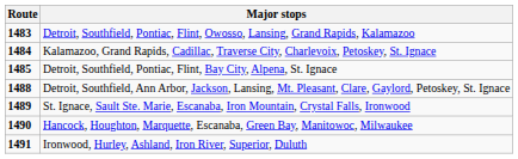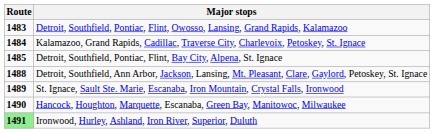 <table class="wikitable">
 <tr>
 <th>Route</th>
 <th>Major stops</th>
 </tr>
 <tr>
 <td><strong>1483</strong></td>
 <td><a href='#'>Detroit</a>, <a href='#'>Southfield</a>, <a href='#'>Pontiac</a>, <a href='#'>Flint</a>, <a href='#'>Owosso</a>, <a href='#'>Lansing</a>, <a href='#'>Grand Rapids</a>, <a href='#'>Kalamazoo</a></td>
 </tr>
 <tr>
 <td><strong>1484</strong></td>
 <td>Kalamazoo, Grand Rapids, <a href='#'>Cadillac</a>, <a href='#'>Traverse City</a>, <a href='#'>Charlevoix</a>, <a href='#'>Petoskey</a>, <a href='#'>St. Ignace</a></td>
 </tr>
 <tr>
 <td><strong>1485</strong></td>
 <td>Detroit, Southfield, Pontiac, Flint, <a href='#'>Bay City</a>, <a href='#'>Alpena</a>, St. Ignace</td>
 </tr>
 <tr>
 <td><strong>1488</strong></td>
 <td>Detroit, Southfield, Ann Arbor, <a href='#'>Jackson</a>, Lansing, <a href='#'>Mt. Pleasant</a>, <a href='#'>Clare</a>, <a href='#'>Gaylord</a>, Petoskey, St. Ignace</td>
 </tr>
 <tr>
 <td><strong>1489</strong></td>
 <td>St. Ignace, <a href='#'>Sault Ste. Marie</a>, <a href='#'>Escanaba</a>, <a href='#'>Iron Mountain</a>, <a href='#'>Crystal Falls</a>, <a href='#'>Ironwood</a></td>
 </tr>
 <tr>
 <td><strong>1490</strong></td>
 <td><a href='#'>Hancock</a>, <a href='#'>Houghton</a>, <a href='#'>Marquette</a>, Escanaba, <a href='#'>Green Bay</a>, <a href='#'>Manitowoc</a>, <a href='#'>Milwaukee</a></td>
 </tr>
 <tr>
-<td><strong>1491</strong></td>
+<td style="background: lightgreen;"><strong>1491</strong></td>
 <td>Ironwood, <a href='#'>Hurley</a>, <a href='#'>Ashland</a>, <a href='#'>Iron River</a>, <a href='#'>Superior</a>, <a href='#'>Duluth</a></td>
 </tr>
 </table>
